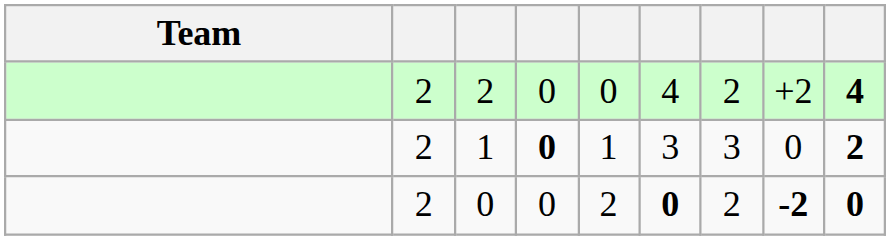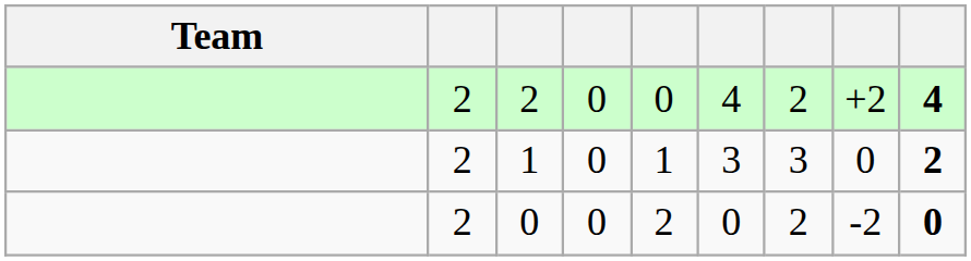 <table class="wikitable" style="text-align: center;">
 <tr>
 <th width="165">Team</th>
 <th width="20"></th>
 <th width="20"></th>
 <th width="20"></th>
 <th width="20"></th>
 <th width="20"></th>
 <th width="20"></th>
 <th width="20"></th>
 <th width="20"></th>
 </tr>
 <tr bgcolor=ccffcc>
 <td style="text-align:left;"></td>
 <td>2</td>
 <td>2</td>
 <td>0</td>
 <td>0</td>
 <td>4</td>
 <td>2</td>
 <td>+2</td>
 <td><strong>4</strong></td>
 </tr>
 <tr>
 <td style="text-align:left;"></td>
 <td>2</td>
 <td>1</td>
-<td><strong>0</strong></td>
+<td>0</td>
 <td>1</td>
 <td>3</td>
 <td>3</td>
 <td>0</td>
 <td><strong>2</strong></td>
 </tr>
 <tr>
 <td style="text-align:left;"></td>
 <td>2</td>
 <td>0</td>
 <td>0</td>
 <td>2</td>
-<td><strong>0</strong></td>
+<td>0</td>
 <td>2</td>
-<td><strong>-2</strong></td>
+<td>-2</td>
 <td><strong>0</strong></td>
 </tr>
 </table>
